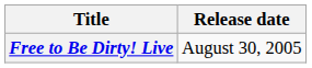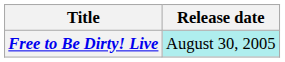 <table class="wikitable plainrowheaders">
 <tr>
 <th>Title</th>
 <th>Release date</th>
 </tr>
 <tr>
 <th scope="row"><em><a href='#'>Free to Be Dirty! Live</a></em></th>
-<td>August 30, 2005</td>
+<td style="background: paleturquoise;">August 30, 2005</td>
 </tr>
 </table>
